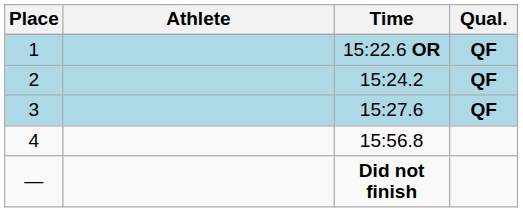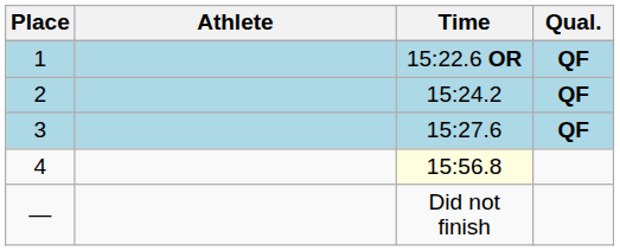 <table class=wikitable style="text-align:center">
 <tr>
 <th width=20>Place</th>
 <th width=220>Athlete</th>
 <th width=90>Time</th>
 <th width=50>Qual.</th>
 </tr>
 <tr>
 </tr>
 <tr bgcolor=lightblue>
 <td>1</td>
 <td align=left></td>
 <td>15:22.6 <strong>OR</strong></td>
 <td><strong>QF</strong></td>
 </tr>
 <tr bgcolor=lightblue>
 <td>2</td>
 <td align=left></td>
 <td>15:24.2</td>
 <td><strong>QF</strong></td>
 </tr>
 <tr bgcolor=lightblue>
 <td>3</td>
 <td align=left></td>
 <td>15:27.6</td>
 <td><strong>QF</strong></td>
 </tr>
 <tr>
 <td>4</td>
 <td align=left></td>
-<td>15:56.8</td>
+<td style="background: lightyellow;">15:56.8</td>
 <td></td>
 </tr>
 <tr>
 <td>—</td>
 <td align=left></td>
-<td><strong>Did not finish</strong></td>
+<td>Did not finish</td>
 <td></td>
 </tr>
 </table>
